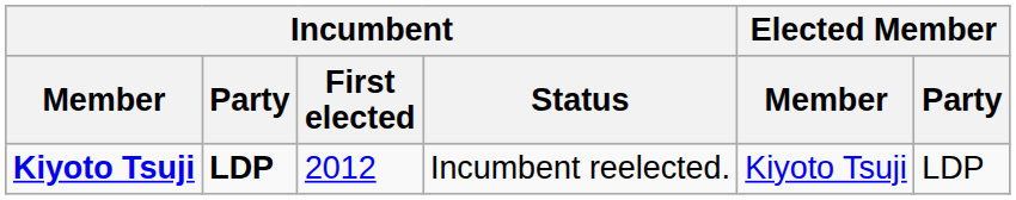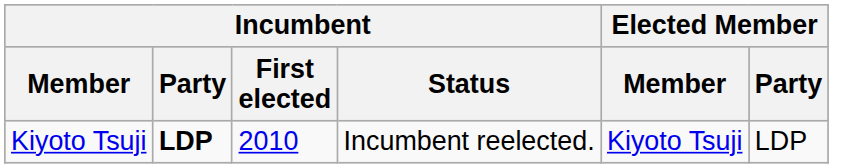 <table class="wikitable sortable">
 <tr>
 <th colspan=4>Incumbent</th>
 <th colspan=2>Elected Member</th>
 </tr>
 <tr>
 <th>Member</th>
 <th>Party</th>
 <th>First<br>elected</th>
 <th>Status</th>
 <th>Member</th>
 <th>Party</th>
 </tr>
 <tr>
-<td><strong><a href='#'>Kiyoto Tsuji</a></strong></td>
+<td><a href='#'>Kiyoto Tsuji</a></td>
 <td><strong>LDP</strong></td>
-<td><a href='#'>2012</a></td>
+<td><a href='#'>2010</a></td>
 <td>Incumbent reelected.</td>
 <td><a href='#'>Kiyoto Tsuji</a></td>
 <td>LDP</td>
 </tr>
 </table>
